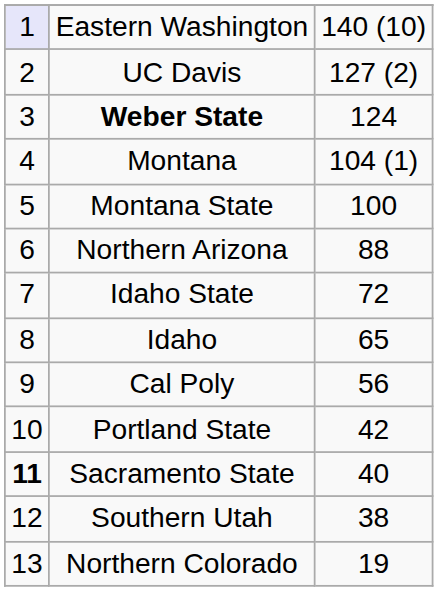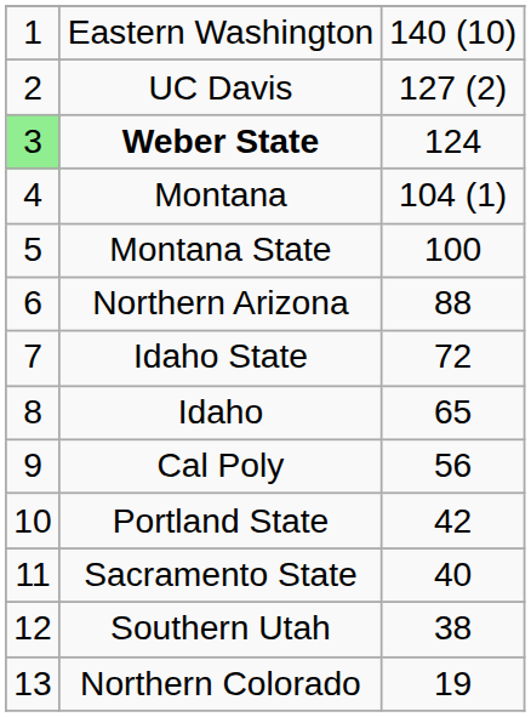 <table class="wikitable" style="display: inline-table;">
 <tr align="center">
 </tr>
 <tr align="center">
-<td style="background: lavender;">1</td>
+<td>1</td>
 <td>Eastern Washington</td>
 <td>140 (10)</td>
 </tr>
 <tr align="center">
 <td>2</td>
 <td>UC Davis</td>
 <td>127 (2)</td>
 </tr>
 <tr align="center">
-<td>3</td>
+<td style="background: lightgreen;">3</td>
 <td><strong>Weber State</strong></td>
 <td>124</td>
 </tr>
 <tr align="center">
 <td>4</td>
 <td>Montana</td>
 <td>104 (1)</td>
 </tr>
 <tr align="center">
 <td>5</td>
 <td>Montana State</td>
 <td>100</td>
 </tr>
 <tr align="center">
 <td>6</td>
 <td>Northern Arizona</td>
 <td>88</td>
 </tr>
 <tr align="center">
 <td>7</td>
 <td>Idaho State</td>
 <td>72</td>
 </tr>
 <tr align="center">
 <td>8</td>
 <td>Idaho</td>
 <td>65</td>
 </tr>
 <tr align="center">
 <td>9</td>
 <td>Cal Poly</td>
 <td>56</td>
 </tr>
 <tr align="center">
 <td>10</td>
 <td>Portland State</td>
 <td>42</td>
 </tr>
 <tr align="center">
-<td><strong>11</strong></td>
+<td>11</td>
 <td>Sacramento State</td>
 <td>40</td>
 </tr>
 <tr align="center">
 <td>12</td>
 <td>Southern Utah</td>
 <td>38</td>
 </tr>
 <tr align="center">
 <td>13</td>
 <td>Northern Colorado</td>
 <td>19</td>
 </tr>
 </table>
